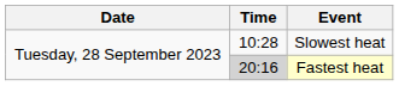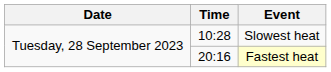 <table class = "wikitable" style="text-align:center;">
 <tr>
 <th width=220>Date</th>
 <th width=50>Time</th>
 <th width=100>Event</th>
 </tr>
 <tr>
 <td rowspan=2>Tuesday, 28 September 2023</td>
 <td>10:28</td>
 <td>Slowest heat</td>
 </tr>
 <tr>
-<td style="background: lightgrey;">20:16</td>
+<td>20:16</td>
 <td bgcolor=ffffcc>Fastest heat</td>
 </tr>
 </table>
